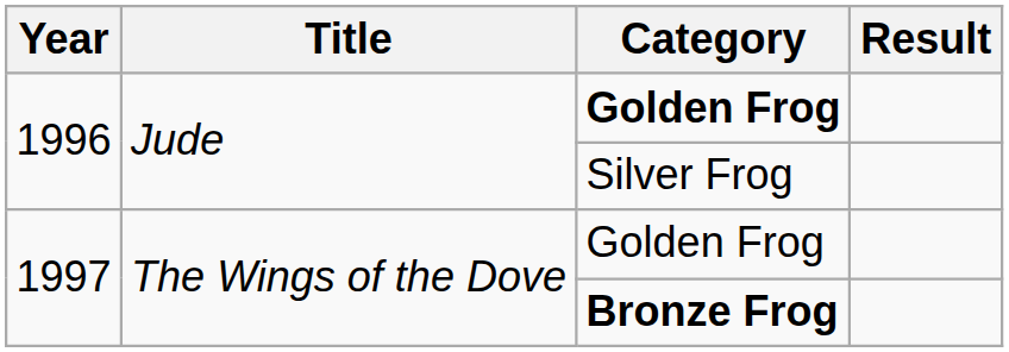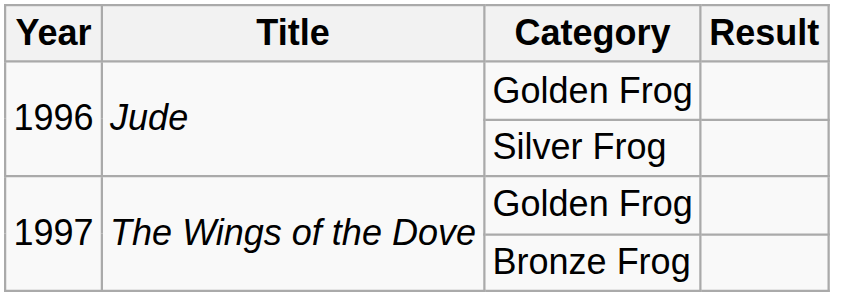 <table class="wikitable">
 <tr>
 <th>Year</th>
 <th>Title</th>
 <th>Category</th>
 <th>Result</th>
 </tr>
 <tr>
 <td rowspan=2>1996</td>
 <td rowspan=2><em>Jude</em></td>
-<td><strong>Golden Frog</strong></td>
+<td>Golden Frog</td>
 <td></td>
 </tr>
 <tr>
 <td>Silver Frog</td>
 <td></td>
 </tr>
 <tr>
 <td rowspan=2>1997</td>
 <td rowspan=2><em>The Wings of the Dove</em></td>
 <td>Golden Frog</td>
 <td></td>
 </tr>
 <tr>
-<td><strong>Bronze Frog</strong></td>
+<td>Bronze Frog</td>
 <td></td>
 </tr>
 </table>
